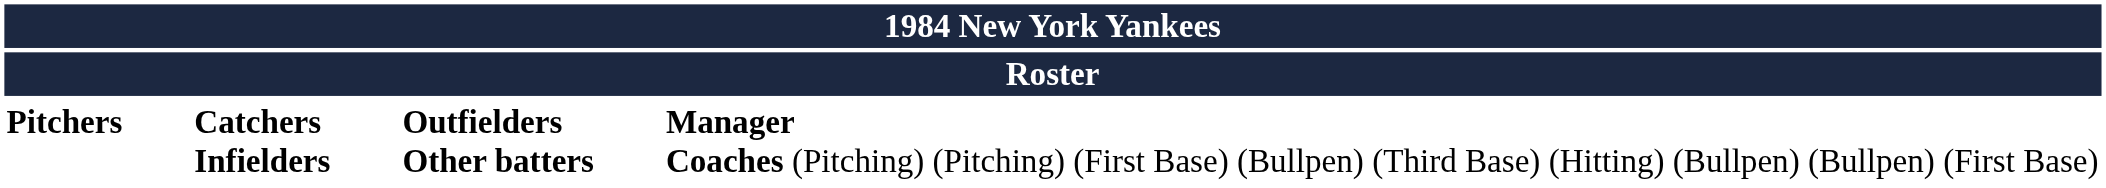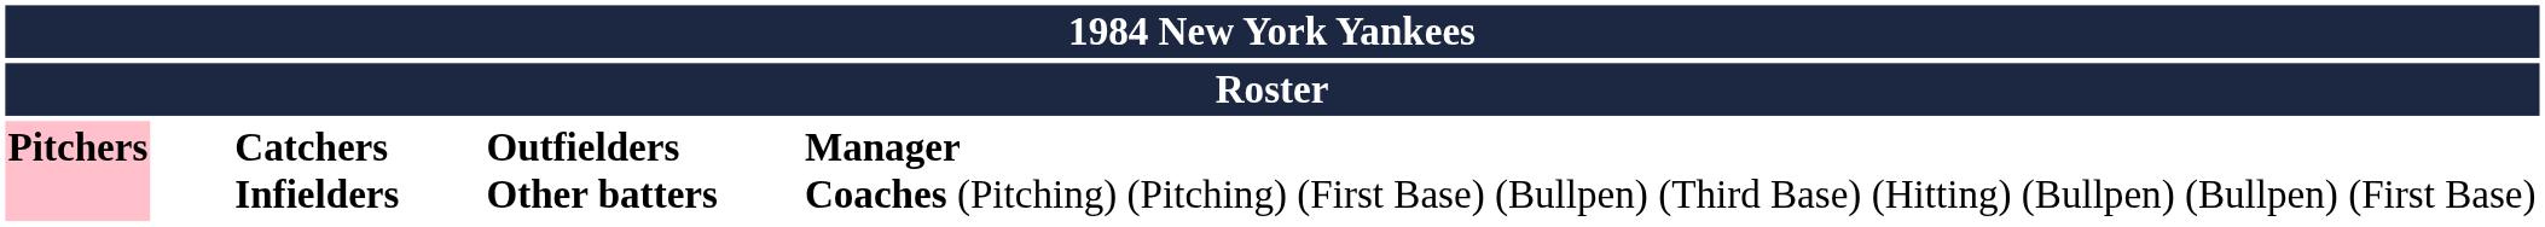 <table class="toccolours" style="font-size: 95%;">
 <tr>
 <th colspan="10" style="background-color: #1c2841; color: white; text-align: center;">1984 New York Yankees</th>
 </tr>
 <tr>
 <td colspan="10" style="background-color: #1c2841; color: white; text-align: center;"><strong>Roster</strong></td>
 </tr>
 <tr>
-<td valign="top"><strong>Pitchers</strong><br>                </td>
+<td valign="top" style="background: pink;"><strong>Pitchers</strong><br>                </td>
 <td width="25px"></td>
 <td valign="top"><strong>Catchers</strong><br>   <strong>Infielders</strong>          </td>
 <td width="25px"></td>
 <td valign="top"><strong>Outfielders</strong><br>         <strong>Other batters</strong>  </td>
 <td width="25px"></td>
 <td valign="top"><strong>Manager</strong><br> <strong>Coaches</strong>  (Pitching)  (Pitching)  (First Base)  (Bullpen)  (Third Base)  (Hitting)  (Bullpen)  (Bullpen)  (First Base)</td>
 </tr>
 </table>
